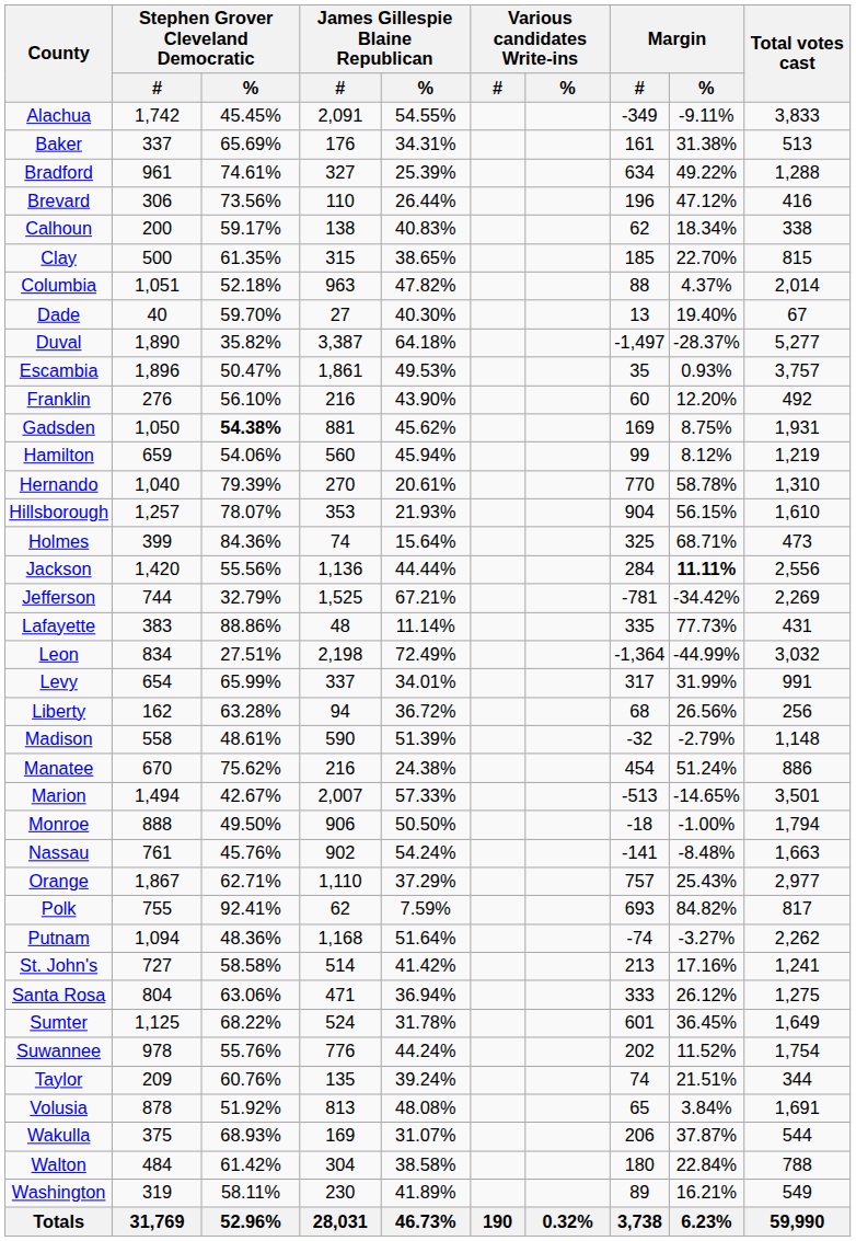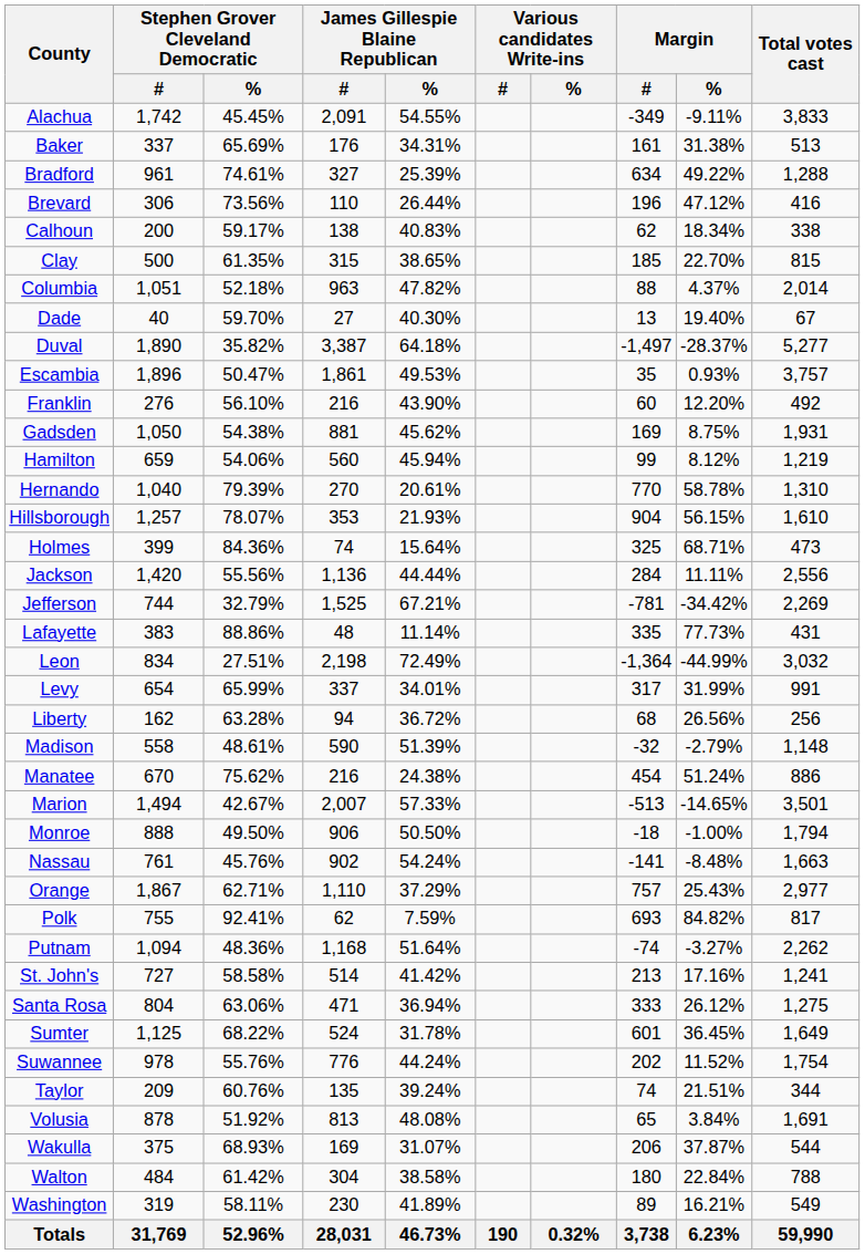 <table class="wikitable sortable" style="width:60%; text-align:center;">
 <tr>
 <th style="text-align:center;" rowspan="2">County</th>
 <th style="text-align:center;" colspan="2">Stephen Grover Cleveland<br>Democratic</th>
 <th style="text-align:center;" colspan="2">James Gillespie Blaine<br>Republican</th>
 <th style="text-align:center;" colspan="2">Various candidates<br>Write-ins</th>
 <th style="text-align:center;" colspan="2">Margin</th>
 <th style="text-align:center;" rowspan="2">Total votes cast</th>
 </tr>
 <tr>
 <th style="text-align:center;" data-sort-type="number">#</th>
 <th style="text-align:center;" data-sort-type="number">%</th>
 <th style="text-align:center;" data-sort-type="number">#</th>
 <th style="text-align:center;" data-sort-type="number">%</th>
 <th style="text-align:center;" data-sort-type="number">#</th>
 <th style="text-align:center;" data-sort-type="number">%</th>
 <th style="text-align:center;" data-sort-type="number">#</th>
 <th style="text-align:center;" data-sort-type="number">%</th>
 </tr>
 <tr style="text-align:center;">
 <td><a href='#'>Alachua</a></td>
 <td>1,742</td>
 <td>45.45%</td>
 <td>2,091</td>
 <td>54.55%</td>
 <td></td>
 <td></td>
 <td>-349</td>
 <td>-9.11%</td>
 <td>3,833</td>
 </tr>
 <tr style="text-align:center;">
 <td><a href='#'>Baker</a></td>
 <td>337</td>
 <td>65.69%</td>
 <td>176</td>
 <td>34.31%</td>
 <td></td>
 <td></td>
 <td>161</td>
 <td>31.38%</td>
 <td>513</td>
 </tr>
 <tr style="text-align:center;">
 <td><a href='#'>Bradford</a></td>
 <td>961</td>
 <td>74.61%</td>
 <td>327</td>
 <td>25.39%</td>
 <td></td>
 <td></td>
 <td>634</td>
 <td>49.22%</td>
 <td>1,288</td>
 </tr>
 <tr style="text-align:center;">
 <td><a href='#'>Brevard</a></td>
 <td>306</td>
 <td>73.56%</td>
 <td>110</td>
 <td>26.44%</td>
 <td></td>
 <td></td>
 <td>196</td>
 <td>47.12%</td>
 <td>416</td>
 </tr>
 <tr style="text-align:center;">
 <td><a href='#'>Calhoun</a></td>
 <td>200</td>
 <td>59.17%</td>
 <td>138</td>
 <td>40.83%</td>
 <td></td>
 <td></td>
 <td>62</td>
 <td>18.34%</td>
 <td>338</td>
 </tr>
 <tr style="text-align:center;">
 <td><a href='#'>Clay</a></td>
 <td>500</td>
 <td>61.35%</td>
 <td>315</td>
 <td>38.65%</td>
 <td></td>
 <td></td>
 <td>185</td>
 <td>22.70%</td>
 <td>815</td>
 </tr>
 <tr style="text-align:center;">
 <td><a href='#'>Columbia</a></td>
 <td>1,051</td>
 <td>52.18%</td>
 <td>963</td>
 <td>47.82%</td>
 <td></td>
 <td></td>
 <td>88</td>
 <td>4.37%</td>
 <td>2,014</td>
 </tr>
 <tr style="text-align:center;">
 <td><a href='#'>Dade</a></td>
 <td>40</td>
 <td>59.70%</td>
 <td>27</td>
 <td>40.30%</td>
 <td></td>
 <td></td>
 <td>13</td>
 <td>19.40%</td>
 <td>67</td>
 </tr>
 <tr style="text-align:center;">
 <td><a href='#'>Duval</a></td>
 <td>1,890</td>
 <td>35.82%</td>
 <td>3,387</td>
 <td>64.18%</td>
 <td></td>
 <td></td>
 <td>-1,497</td>
 <td>-28.37%</td>
 <td>5,277</td>
 </tr>
 <tr style="text-align:center;">
 <td><a href='#'>Escambia</a></td>
 <td>1,896</td>
 <td>50.47%</td>
 <td>1,861</td>
 <td>49.53%</td>
 <td></td>
 <td></td>
 <td>35</td>
 <td>0.93%</td>
 <td>3,757</td>
 </tr>
 <tr style="text-align:center;">
 <td><a href='#'>Franklin</a></td>
 <td>276</td>
 <td>56.10%</td>
 <td>216</td>
 <td>43.90%</td>
 <td></td>
 <td></td>
 <td>60</td>
 <td>12.20%</td>
 <td>492</td>
 </tr>
 <tr style="text-align:center;">
 <td><a href='#'>Gadsden</a></td>
 <td>1,050</td>
-<td><strong>54.38%</strong></td>
+<td>54.38%</td>
 <td>881</td>
 <td>45.62%</td>
 <td></td>
 <td></td>
 <td>169</td>
 <td>8.75%</td>
 <td>1,931</td>
 </tr>
 <tr style="text-align:center;">
 <td><a href='#'>Hamilton</a></td>
 <td>659</td>
 <td>54.06%</td>
 <td>560</td>
 <td>45.94%</td>
 <td></td>
 <td></td>
 <td>99</td>
 <td>8.12%</td>
 <td>1,219</td>
 </tr>
 <tr style="text-align:center;">
 <td><a href='#'>Hernando</a></td>
 <td>1,040</td>
 <td>79.39%</td>
 <td>270</td>
 <td>20.61%</td>
 <td></td>
 <td></td>
 <td>770</td>
 <td>58.78%</td>
 <td>1,310</td>
 </tr>
 <tr style="text-align:center;">
 <td><a href='#'>Hillsborough</a></td>
 <td>1,257</td>
 <td>78.07%</td>
 <td>353</td>
 <td>21.93%</td>
 <td></td>
 <td></td>
 <td>904</td>
 <td>56.15%</td>
 <td>1,610</td>
 </tr>
 <tr style="text-align:center;">
 <td><a href='#'>Holmes</a></td>
 <td>399</td>
 <td>84.36%</td>
 <td>74</td>
 <td>15.64%</td>
 <td></td>
 <td></td>
 <td>325</td>
 <td>68.71%</td>
 <td>473</td>
 </tr>
 <tr style="text-align:center;">
 <td><a href='#'>Jackson</a></td>
 <td>1,420</td>
 <td>55.56%</td>
 <td>1,136</td>
 <td>44.44%</td>
 <td></td>
 <td></td>
 <td>284</td>
-<td><strong>11.11%</strong></td>
+<td>11.11%</td>
 <td>2,556</td>
 </tr>
 <tr style="text-align:center;">
 <td><a href='#'>Jefferson</a></td>
 <td>744</td>
 <td>32.79%</td>
 <td>1,525</td>
 <td>67.21%</td>
 <td></td>
 <td></td>
 <td>-781</td>
 <td>-34.42%</td>
 <td>2,269</td>
 </tr>
 <tr style="text-align:center;">
 <td><a href='#'>Lafayette</a></td>
 <td>383</td>
 <td>88.86%</td>
 <td>48</td>
 <td>11.14%</td>
 <td></td>
 <td></td>
 <td>335</td>
 <td>77.73%</td>
 <td>431</td>
 </tr>
 <tr style="text-align:center;">
 <td><a href='#'>Leon</a></td>
 <td>834</td>
 <td>27.51%</td>
 <td>2,198</td>
 <td>72.49%</td>
 <td></td>
 <td></td>
 <td>-1,364</td>
 <td>-44.99%</td>
 <td>3,032</td>
 </tr>
 <tr style="text-align:center;">
 <td><a href='#'>Levy</a></td>
 <td>654</td>
 <td>65.99%</td>
 <td>337</td>
 <td>34.01%</td>
 <td></td>
 <td></td>
 <td>317</td>
 <td>31.99%</td>
 <td>991</td>
 </tr>
 <tr style="text-align:center;">
 <td><a href='#'>Liberty</a></td>
 <td>162</td>
 <td>63.28%</td>
 <td>94</td>
 <td>36.72%</td>
 <td></td>
 <td></td>
 <td>68</td>
 <td>26.56%</td>
 <td>256</td>
 </tr>
 <tr style="text-align:center;">
 <td><a href='#'>Madison</a></td>
 <td>558</td>
 <td>48.61%</td>
 <td>590</td>
 <td>51.39%</td>
 <td></td>
 <td></td>
 <td>-32</td>
 <td>-2.79%</td>
 <td>1,148</td>
 </tr>
 <tr style="text-align:center;">
 <td><a href='#'>Manatee</a></td>
 <td>670</td>
 <td>75.62%</td>
 <td>216</td>
 <td>24.38%</td>
 <td></td>
 <td></td>
 <td>454</td>
 <td>51.24%</td>
 <td>886</td>
 </tr>
 <tr style="text-align:center;">
 <td><a href='#'>Marion</a></td>
 <td>1,494</td>
 <td>42.67%</td>
 <td>2,007</td>
 <td>57.33%</td>
 <td></td>
 <td></td>
 <td>-513</td>
 <td>-14.65%</td>
 <td>3,501</td>
 </tr>
 <tr style="text-align:center;">
 <td><a href='#'>Monroe</a></td>
 <td>888</td>
 <td>49.50%</td>
 <td>906</td>
 <td>50.50%</td>
 <td></td>
 <td></td>
 <td>-18</td>
 <td>-1.00%</td>
 <td>1,794</td>
 </tr>
 <tr style="text-align:center;">
 <td><a href='#'>Nassau</a></td>
 <td>761</td>
 <td>45.76%</td>
 <td>902</td>
 <td>54.24%</td>
 <td></td>
 <td></td>
 <td>-141</td>
 <td>-8.48%</td>
 <td>1,663</td>
 </tr>
 <tr style="text-align:center;">
 <td><a href='#'>Orange</a></td>
 <td>1,867</td>
 <td>62.71%</td>
 <td>1,110</td>
 <td>37.29%</td>
 <td></td>
 <td></td>
 <td>757</td>
 <td>25.43%</td>
 <td>2,977</td>
 </tr>
 <tr style="text-align:center;">
 <td><a href='#'>Polk</a></td>
 <td>755</td>
 <td>92.41%</td>
 <td>62</td>
 <td>7.59%</td>
 <td></td>
 <td></td>
 <td>693</td>
 <td>84.82%</td>
 <td>817</td>
 </tr>
 <tr style="text-align:center;">
 <td><a href='#'>Putnam</a></td>
 <td>1,094</td>
 <td>48.36%</td>
 <td>1,168</td>
 <td>51.64%</td>
 <td></td>
 <td></td>
 <td>-74</td>
 <td>-3.27%</td>
 <td>2,262</td>
 </tr>
 <tr style="text-align:center;">
 <td><a href='#'>St. John's</a></td>
 <td>727</td>
 <td>58.58%</td>
 <td>514</td>
 <td>41.42%</td>
 <td></td>
 <td></td>
 <td>213</td>
 <td>17.16%</td>
 <td>1,241</td>
 </tr>
 <tr style="text-align:center;">
 <td><a href='#'>Santa Rosa</a></td>
 <td>804</td>
 <td>63.06%</td>
 <td>471</td>
 <td>36.94%</td>
 <td></td>
 <td></td>
 <td>333</td>
 <td>26.12%</td>
 <td>1,275</td>
 </tr>
 <tr style="text-align:center;">
 <td><a href='#'>Sumter</a></td>
 <td>1,125</td>
 <td>68.22%</td>
 <td>524</td>
 <td>31.78%</td>
 <td></td>
 <td></td>
 <td>601</td>
 <td>36.45%</td>
 <td>1,649</td>
 </tr>
 <tr style="text-align:center;">
 <td><a href='#'>Suwannee</a></td>
 <td>978</td>
 <td>55.76%</td>
 <td>776</td>
 <td>44.24%</td>
 <td></td>
 <td></td>
 <td>202</td>
 <td>11.52%</td>
 <td>1,754</td>
 </tr>
 <tr style="text-align:center;">
 <td><a href='#'>Taylor</a></td>
 <td>209</td>
 <td>60.76%</td>
 <td>135</td>
 <td>39.24%</td>
 <td></td>
 <td></td>
 <td>74</td>
 <td>21.51%</td>
 <td>344</td>
 </tr>
 <tr style="text-align:center;">
 <td><a href='#'>Volusia</a></td>
 <td>878</td>
 <td>51.92%</td>
 <td>813</td>
 <td>48.08%</td>
 <td></td>
 <td></td>
 <td>65</td>
 <td>3.84%</td>
 <td>1,691</td>
 </tr>
 <tr style="text-align:center;">
 <td><a href='#'>Wakulla</a></td>
 <td>375</td>
 <td>68.93%</td>
 <td>169</td>
 <td>31.07%</td>
 <td></td>
 <td></td>
 <td>206</td>
 <td>37.87%</td>
 <td>544</td>
 </tr>
 <tr style="text-align:center;">
 <td><a href='#'>Walton</a></td>
 <td>484</td>
 <td>61.42%</td>
 <td>304</td>
 <td>38.58%</td>
 <td></td>
 <td></td>
 <td>180</td>
 <td>22.84%</td>
 <td>788</td>
 </tr>
 <tr style="text-align:center;">
 <td><a href='#'>Washington</a></td>
 <td>319</td>
 <td>58.11%</td>
 <td>230</td>
 <td>41.89%</td>
 <td></td>
 <td></td>
 <td>89</td>
 <td>16.21%</td>
 <td>549</td>
 </tr>
 <tr style="text-align:center;">
 <th>Totals</th>
 <th>31,769</th>
 <th>52.96%</th>
 <th>28,031</th>
 <th>46.73%</th>
 <th>190</th>
 <th>0.32%</th>
 <th>3,738</th>
 <th>6.23%</th>
 <th>59,990</th>
 </tr>
 </table>
